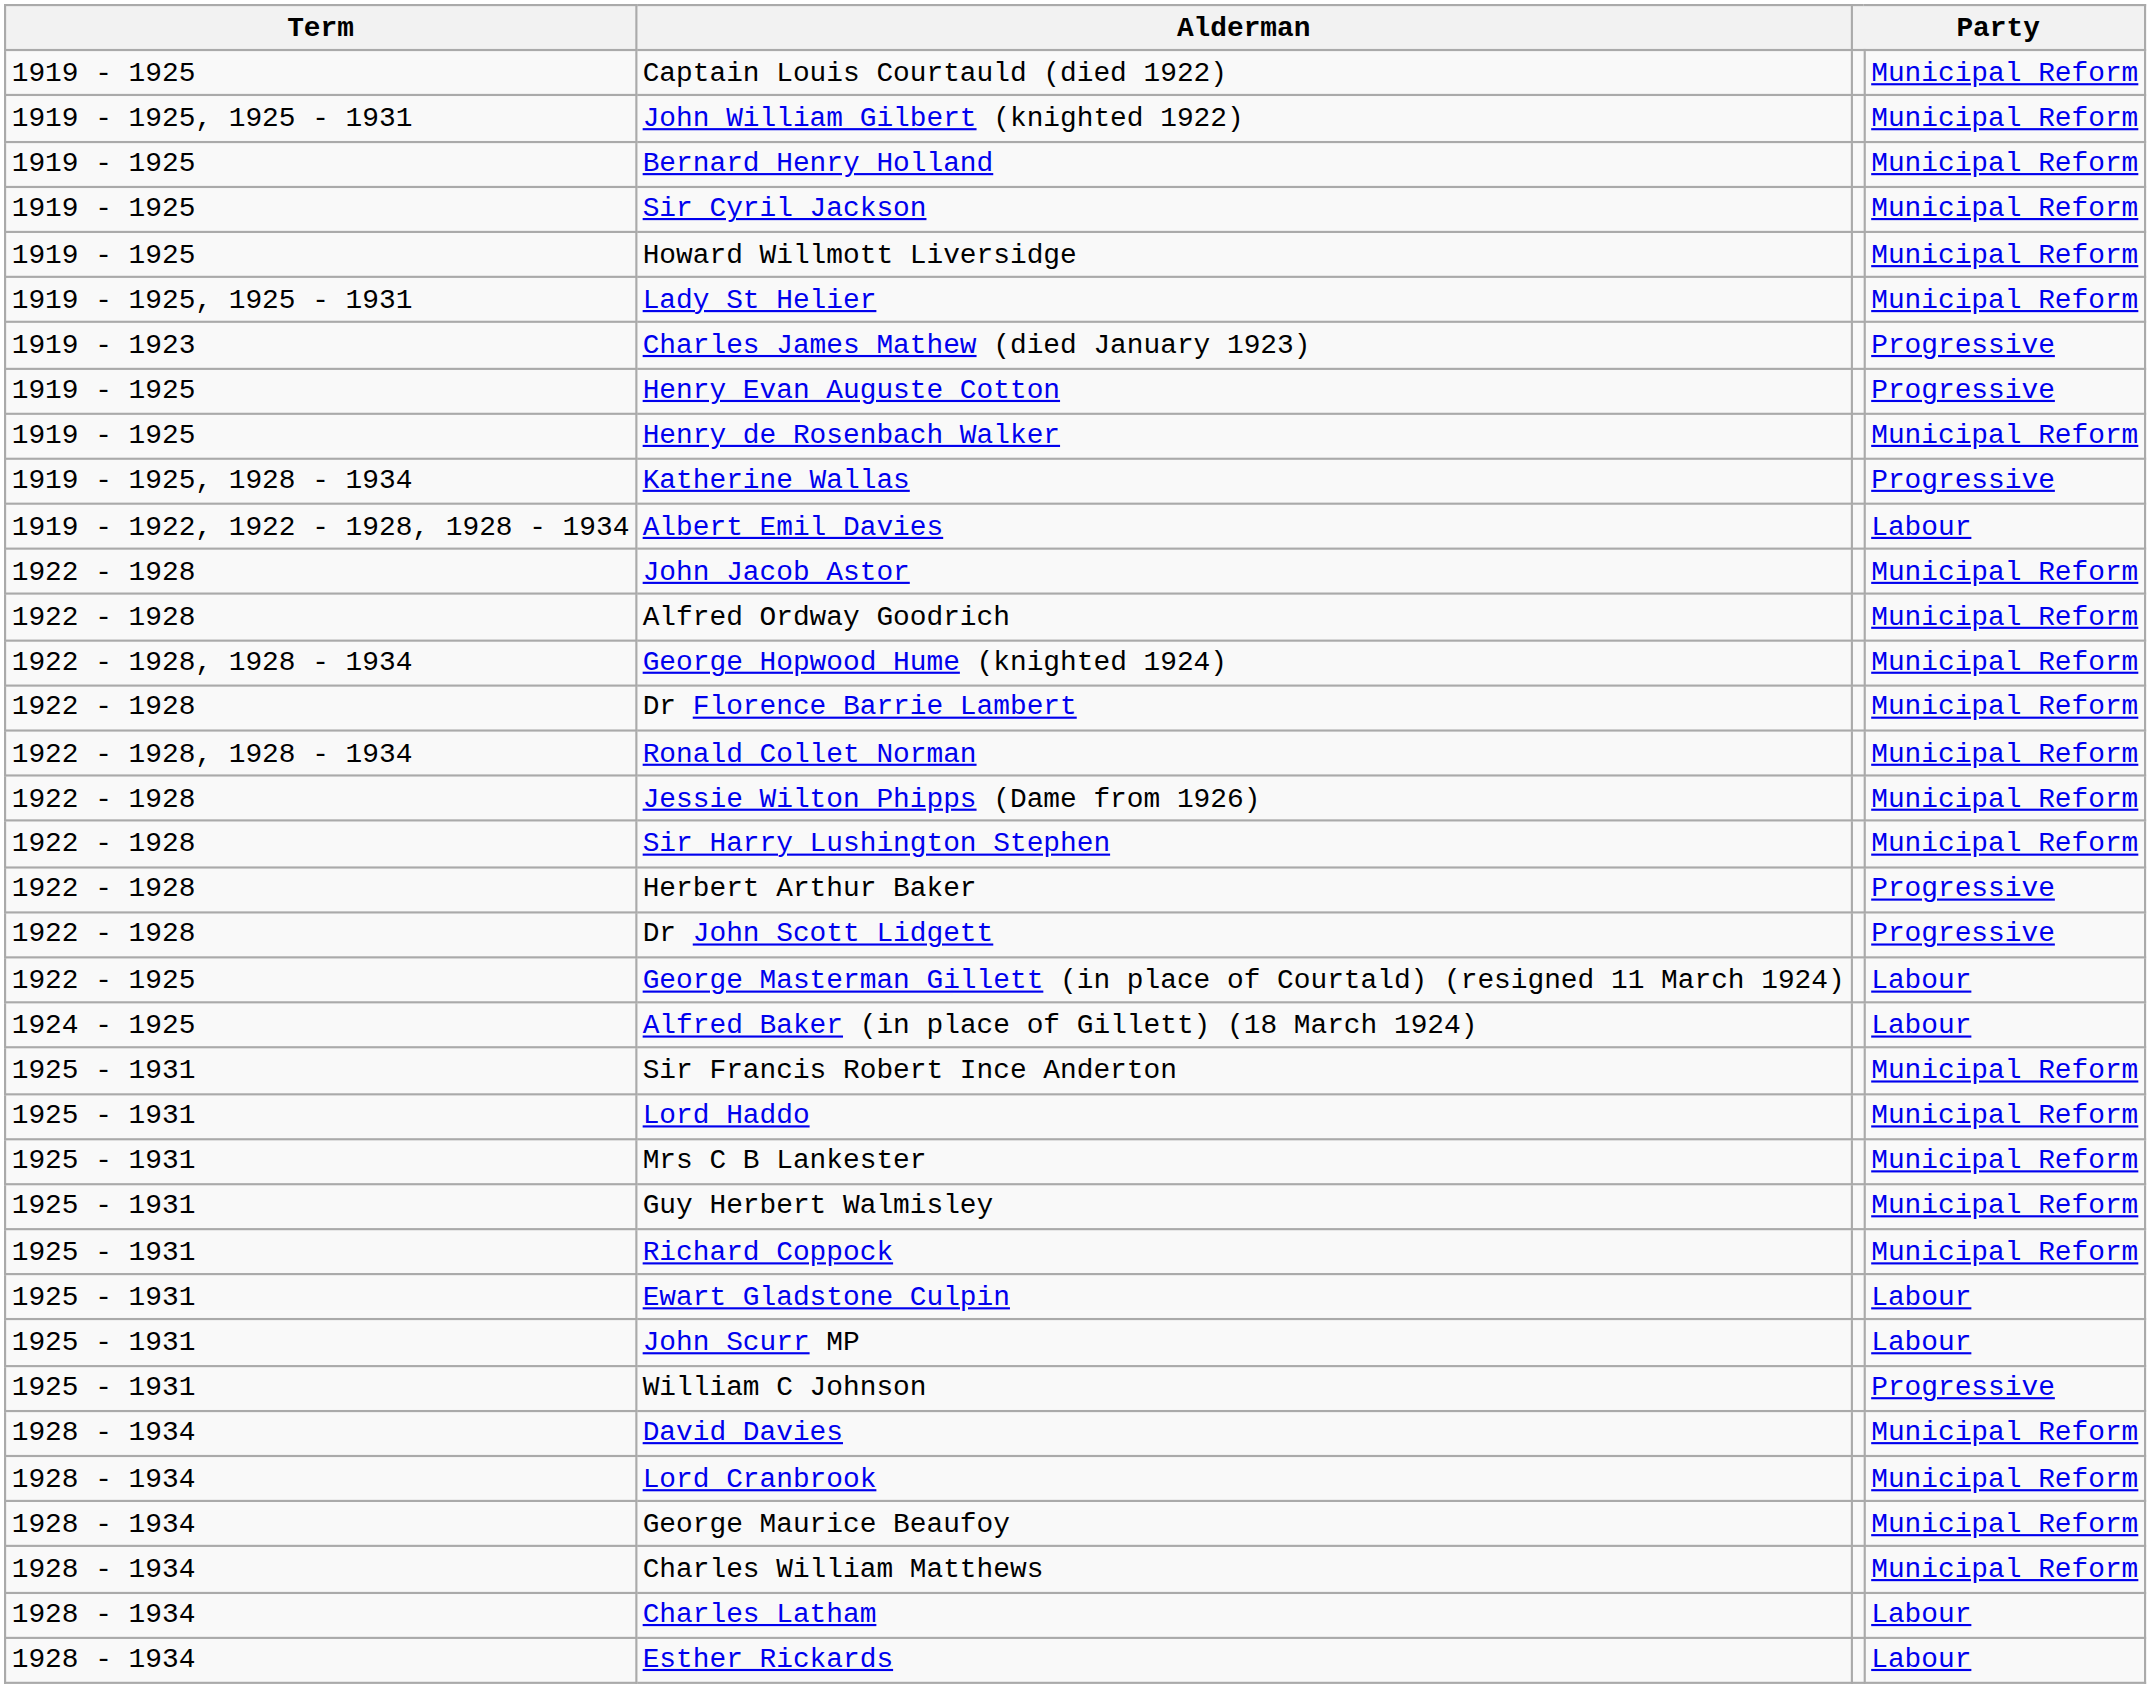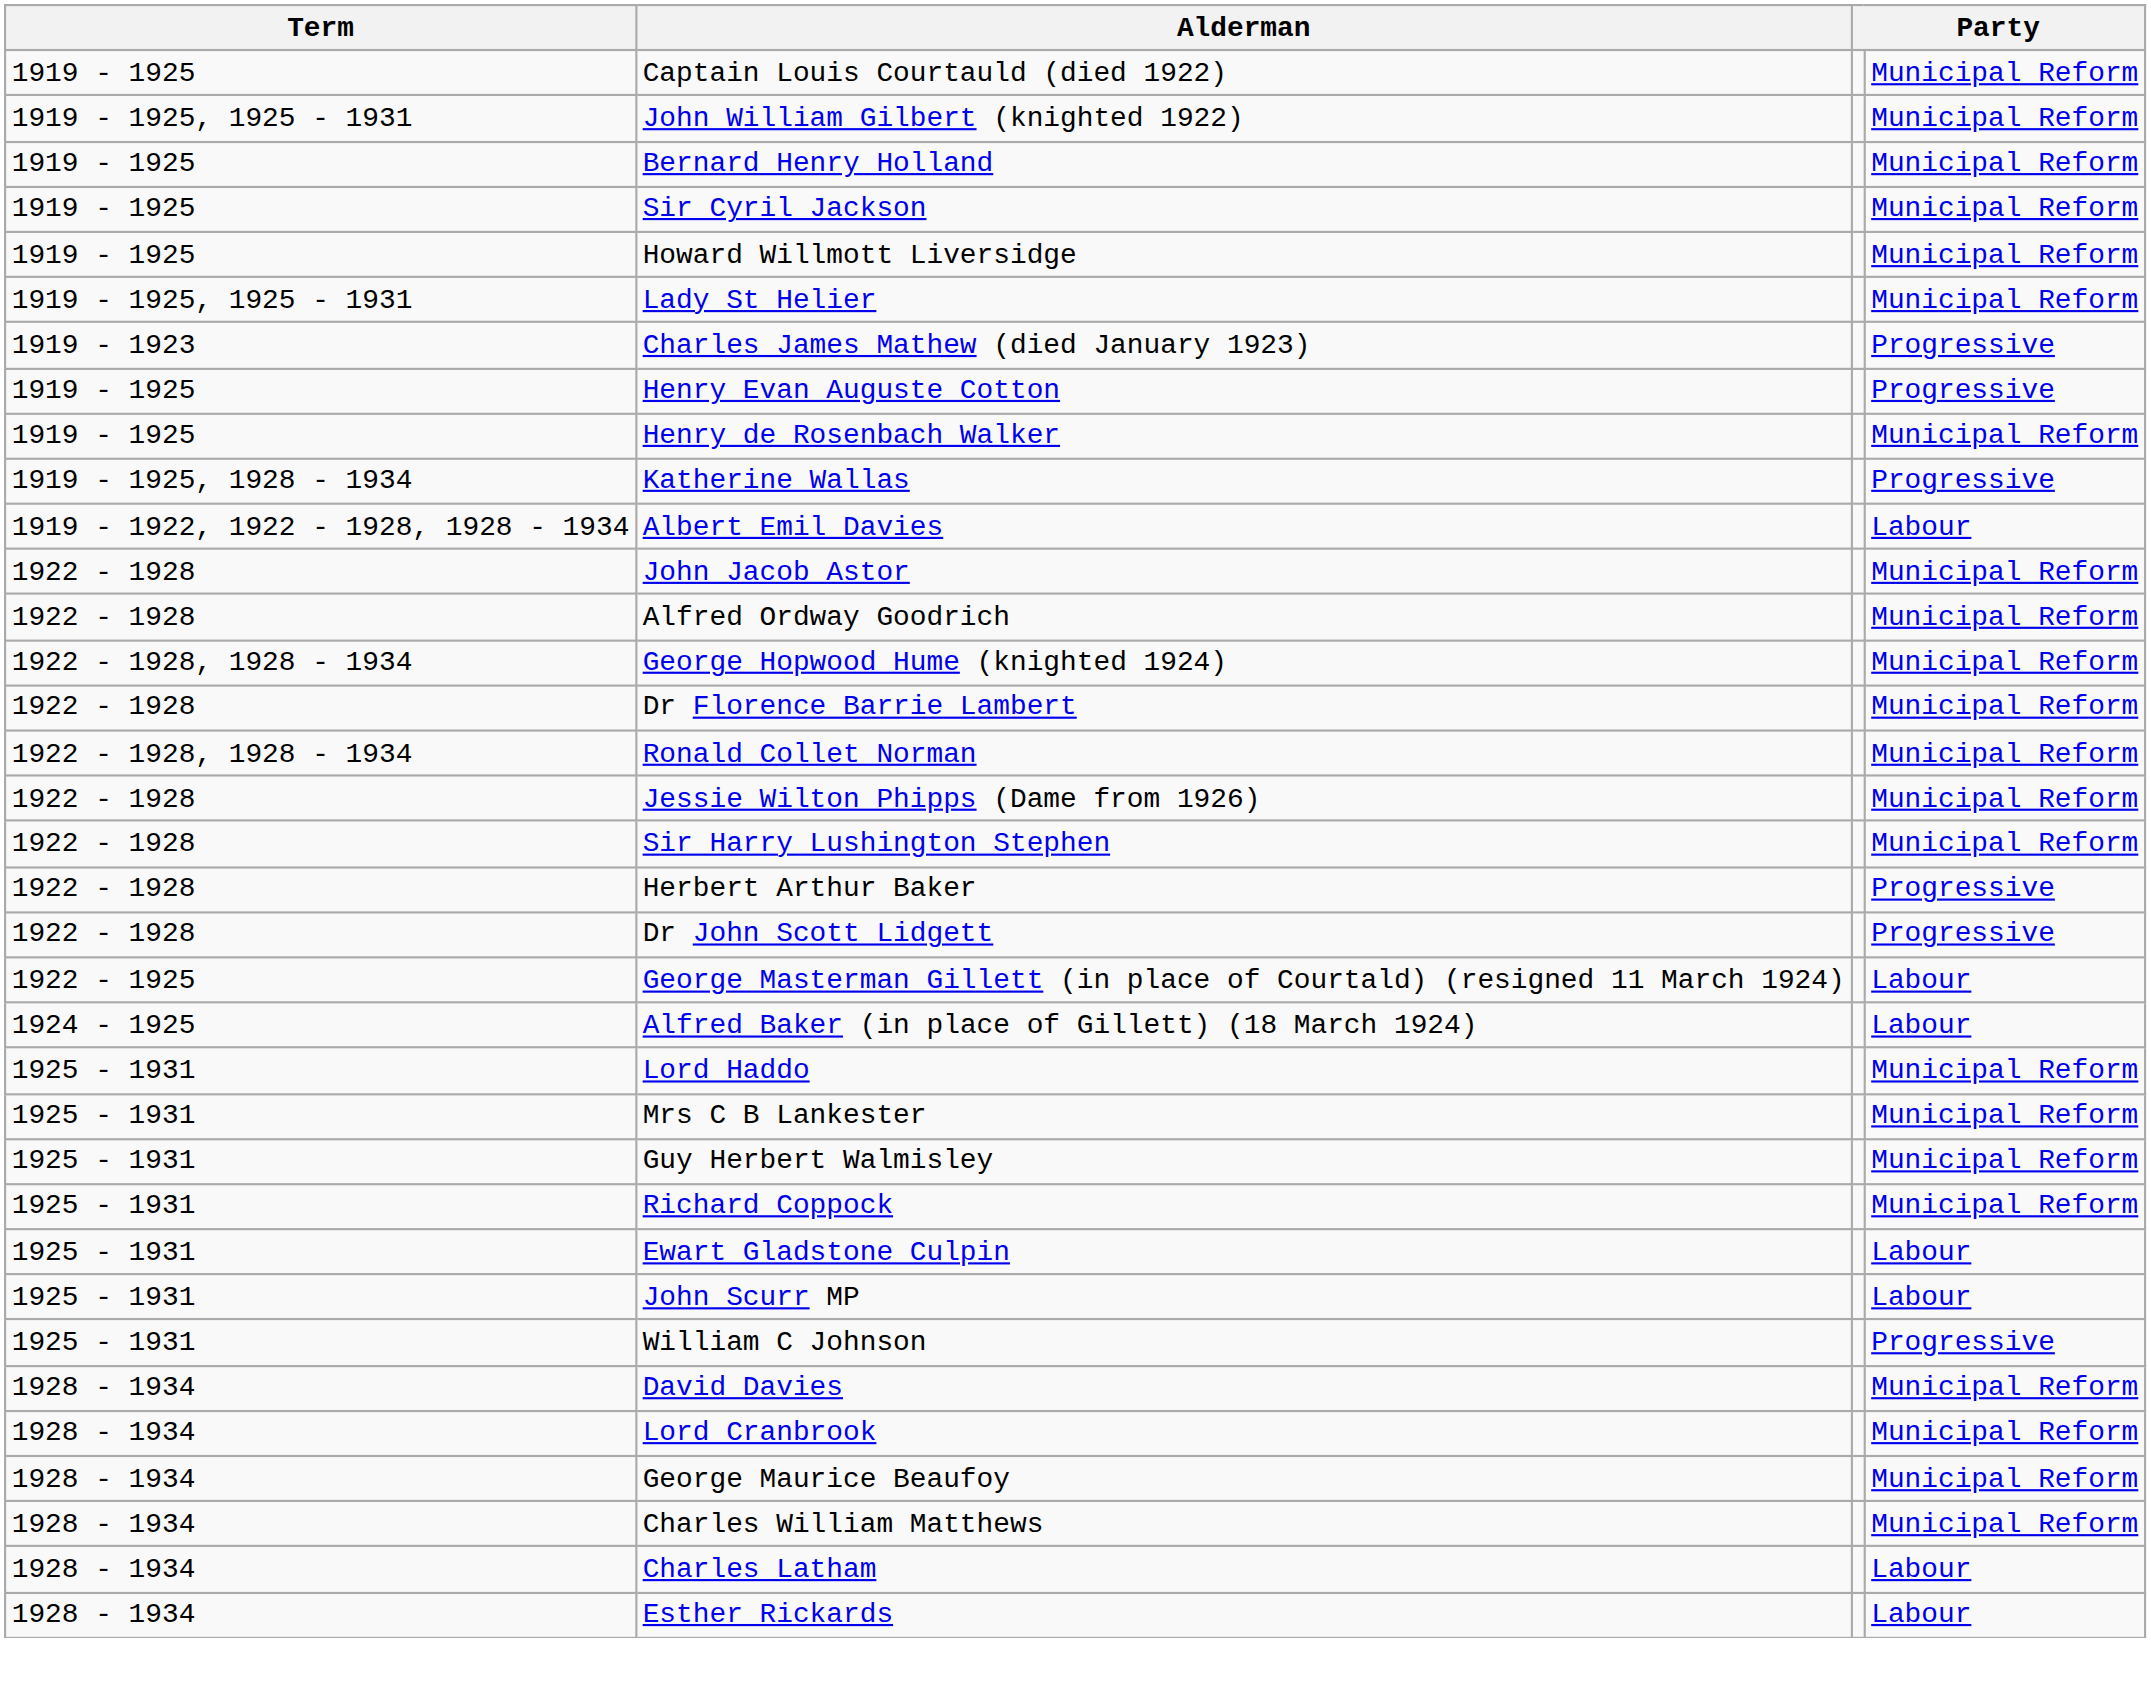 <table class="wikitable" border="1">
 <tr>
 <th>Term</th>
 <th>Alderman</th>
 <th colspan=2!>Party</th>
 </tr>
 <tr>
 <td>1919 - 1925</td>
 <td>Captain Louis Courtauld (died 1922)</td>
 <td style="background-color: "></td>
 <td><a href='#'>Municipal Reform</a></td>
 </tr>
 <tr>
 <td>1919 - 1925, 1925 - 1931</td>
 <td><a href='#'>John William Gilbert</a> (knighted 1922)</td>
 <td style="background-color: "></td>
 <td><a href='#'>Municipal Reform</a></td>
 </tr>
 <tr>
 <td>1919 - 1925</td>
 <td><a href='#'>Bernard Henry Holland</a></td>
 <td style="background-color: "></td>
 <td><a href='#'>Municipal Reform</a></td>
 </tr>
 <tr>
 <td>1919 - 1925</td>
 <td><a href='#'>Sir Cyril Jackson</a></td>
 <td style="background-color: "></td>
 <td><a href='#'>Municipal Reform</a></td>
 </tr>
 <tr>
 <td>1919 - 1925</td>
 <td>Howard Willmott Liversidge</td>
 <td style="background-color: "></td>
 <td><a href='#'>Municipal Reform</a></td>
 </tr>
 <tr>
 <td>1919 - 1925, 1925 - 1931</td>
 <td><a href='#'>Lady St Helier</a></td>
 <td style="background-color: "></td>
 <td><a href='#'>Municipal Reform</a></td>
 </tr>
 <tr>
 <td>1919 - 1923</td>
 <td><a href='#'>Charles James Mathew</a> (died January 1923)</td>
 <td style="background-color: "></td>
 <td><a href='#'>Progressive</a></td>
 </tr>
 <tr>
 <td>1919 - 1925</td>
 <td><a href='#'>Henry Evan Auguste Cotton</a></td>
 <td style="background-color: "></td>
 <td><a href='#'>Progressive</a></td>
 </tr>
 <tr>
 <td>1919 - 1925</td>
 <td><a href='#'>Henry de Rosenbach Walker</a></td>
 <td style="background-color: "></td>
 <td><a href='#'>Municipal Reform</a></td>
 </tr>
 <tr>
 <td>1919 - 1925, 1928 - 1934</td>
 <td><a href='#'>Katherine Wallas</a></td>
 <td style="background-color: "></td>
 <td><a href='#'>Progressive</a></td>
 </tr>
 <tr>
 <td>1919 - 1922, 1922 - 1928, 1928 - 1934</td>
 <td><a href='#'>Albert Emil Davies</a></td>
 <td style="background-color: "></td>
 <td><a href='#'>Labour</a></td>
 </tr>
 <tr>
 <td>1922 - 1928</td>
 <td><a href='#'>John Jacob Astor</a></td>
 <td style="background-color: "></td>
 <td><a href='#'>Municipal Reform</a></td>
 </tr>
 <tr>
 <td>1922 - 1928</td>
 <td>Alfred Ordway Goodrich</td>
 <td style="background-color: "></td>
 <td><a href='#'>Municipal Reform</a></td>
 </tr>
 <tr>
 <td>1922 - 1928, 1928 - 1934</td>
 <td><a href='#'>George Hopwood Hume</a> (knighted 1924)</td>
 <td style="background-color: "></td>
 <td><a href='#'>Municipal Reform</a></td>
 </tr>
 <tr>
 <td>1922 - 1928</td>
 <td>Dr <a href='#'>Florence Barrie Lambert</a></td>
 <td style="background-color: "></td>
 <td><a href='#'>Municipal Reform</a></td>
 </tr>
 <tr>
 <td>1922 - 1928, 1928 - 1934</td>
 <td><a href='#'>Ronald Collet Norman</a></td>
 <td style="background-color: "></td>
 <td><a href='#'>Municipal Reform</a></td>
 </tr>
 <tr>
 <td>1922 - 1928</td>
 <td><a href='#'>Jessie Wilton Phipps</a> (Dame from 1926)</td>
 <td style="background-color: "></td>
 <td><a href='#'>Municipal Reform</a></td>
 </tr>
 <tr>
 <td>1922 - 1928</td>
 <td><a href='#'>Sir Harry Lushington Stephen</a></td>
 <td style="background-color: "></td>
 <td><a href='#'>Municipal Reform</a></td>
 </tr>
 <tr>
 <td>1922 - 1928</td>
 <td>Herbert Arthur Baker</td>
 <td style="background-color: "></td>
 <td><a href='#'>Progressive</a></td>
 </tr>
 <tr>
 <td>1922 - 1928</td>
 <td>Dr <a href='#'>John Scott Lidgett</a></td>
 <td style="background-color: "></td>
 <td><a href='#'>Progressive</a></td>
 </tr>
 <tr>
 <td>1922 - 1925</td>
 <td><a href='#'>George Masterman Gillett</a> (in place of Courtald) (resigned 11 March 1924)</td>
 <td style="background-color: "></td>
 <td><a href='#'>Labour</a></td>
 </tr>
 <tr>
 <td>1924 - 1925</td>
 <td><a href='#'>Alfred Baker</a> (in place of Gillett) (18 March 1924)</td>
 <td style="background-color: "></td>
 <td><a href='#'>Labour</a></td>
 </tr>
 <tr>
 <td>1925 - 1931</td>
-<td>Sir Francis Robert Ince Anderton</td>
-<td style="background-color: "></td>
-<td><a href='#'>Municipal Reform</a></td>
-</tr>
-<tr>
-<td>1925 - 1931</td>
 <td><a href='#'>Lord Haddo</a></td>
 <td style="background-color: "></td>
 <td><a href='#'>Municipal Reform</a></td>
 </tr>
 <tr>
 <td>1925 - 1931</td>
 <td>Mrs C B Lankester</td>
 <td style="background-color: "></td>
 <td><a href='#'>Municipal Reform</a></td>
 </tr>
 <tr>
 <td>1925 - 1931</td>
 <td>Guy Herbert Walmisley</td>
 <td style="background-color: "></td>
 <td><a href='#'>Municipal Reform</a></td>
 </tr>
 <tr>
 <td>1925 - 1931</td>
 <td><a href='#'>Richard Coppock</a></td>
 <td style="background-color: "></td>
 <td><a href='#'>Municipal Reform</a></td>
 </tr>
 <tr>
 <td>1925 - 1931</td>
 <td><a href='#'>Ewart Gladstone Culpin</a></td>
 <td style="background-color: "></td>
 <td><a href='#'>Labour</a></td>
 </tr>
 <tr>
 <td>1925 - 1931</td>
 <td><a href='#'>John Scurr</a> MP</td>
 <td style="background-color: "></td>
 <td><a href='#'>Labour</a></td>
 </tr>
 <tr>
 <td>1925 - 1931</td>
 <td>William C Johnson</td>
 <td style="background-color: "></td>
 <td><a href='#'>Progressive</a></td>
 </tr>
 <tr>
 <td>1928 - 1934</td>
 <td><a href='#'>David Davies</a></td>
 <td style="background-color: "></td>
 <td><a href='#'>Municipal Reform</a></td>
 </tr>
 <tr>
 <td>1928 - 1934</td>
 <td><a href='#'>Lord Cranbrook</a></td>
 <td style="background-color: "></td>
 <td><a href='#'>Municipal Reform</a></td>
 </tr>
 <tr>
 <td>1928 - 1934</td>
 <td>George Maurice Beaufoy</td>
 <td style="background-color: "></td>
 <td><a href='#'>Municipal Reform</a></td>
 </tr>
 <tr>
 <td>1928 - 1934</td>
 <td>Charles William Matthews</td>
 <td style="background-color: "></td>
 <td><a href='#'>Municipal Reform</a></td>
 </tr>
 <tr>
 <td>1928 - 1934</td>
 <td><a href='#'>Charles Latham</a></td>
 <td style="background-color: "></td>
 <td><a href='#'>Labour</a></td>
 </tr>
 <tr>
 <td>1928 - 1934</td>
 <td><a href='#'>Esther Rickards</a></td>
 <td style="background-color: "></td>
 <td><a href='#'>Labour</a></td>
 </tr>
 </table>
